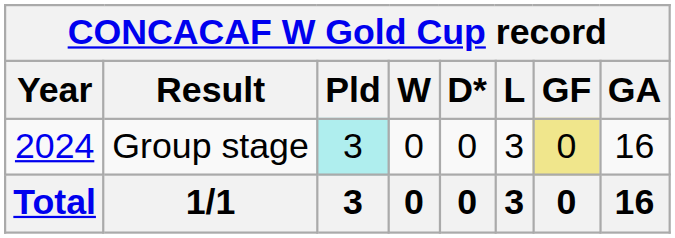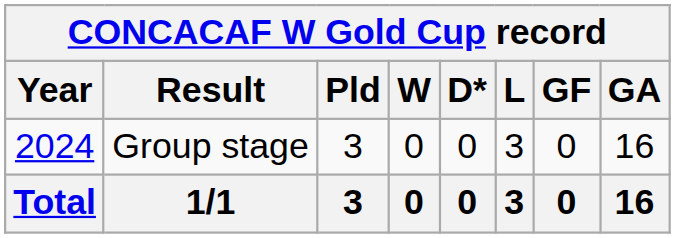 <table class="wikitable"  style="text-align:center;">
 <tr>
 <th colspan=8><a href='#'>CONCACAF W Gold Cup</a> record</th>
 </tr>
 <tr>
 <th>Year</th>
 <th>Result</th>
 <th>Pld</th>
 <th>W</th>
 <th>D*</th>
 <th>L</th>
 <th>GF</th>
 <th>GA</th>
 </tr>
 <tr>
 <td> <a href='#'>2024</a></td>
 <td>Group stage</td>
-<td style="background: paleturquoise;">3</td>
+<td>3</td>
 <td>0</td>
 <td>0</td>
 <td>3</td>
-<td style="background: khaki;">0</td>
+<td>0</td>
 <td>16</td>
 </tr>
 <tr>
 <th><a href='#'>Total</a></th>
 <th>1/1</th>
 <th>3</th>
 <th>0</th>
 <th>0</th>
 <th>3</th>
 <th>0</th>
 <th>16</th>
 </tr>
 </table>
